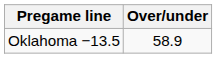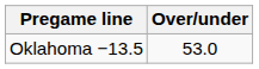 <table class="wikitable" style="margin-left: auto; margin-right: auto; border: none; display: inline-table;">
 <tr align="center">
 <th style=>Pregame line</th>
 <th style=>Over/under</th>
 </tr>
 <tr align="center">
 <td>Oklahoma −13.5</td>
-<td>58.9</td>
+<td>53.0</td>
 </tr>
 </table>
